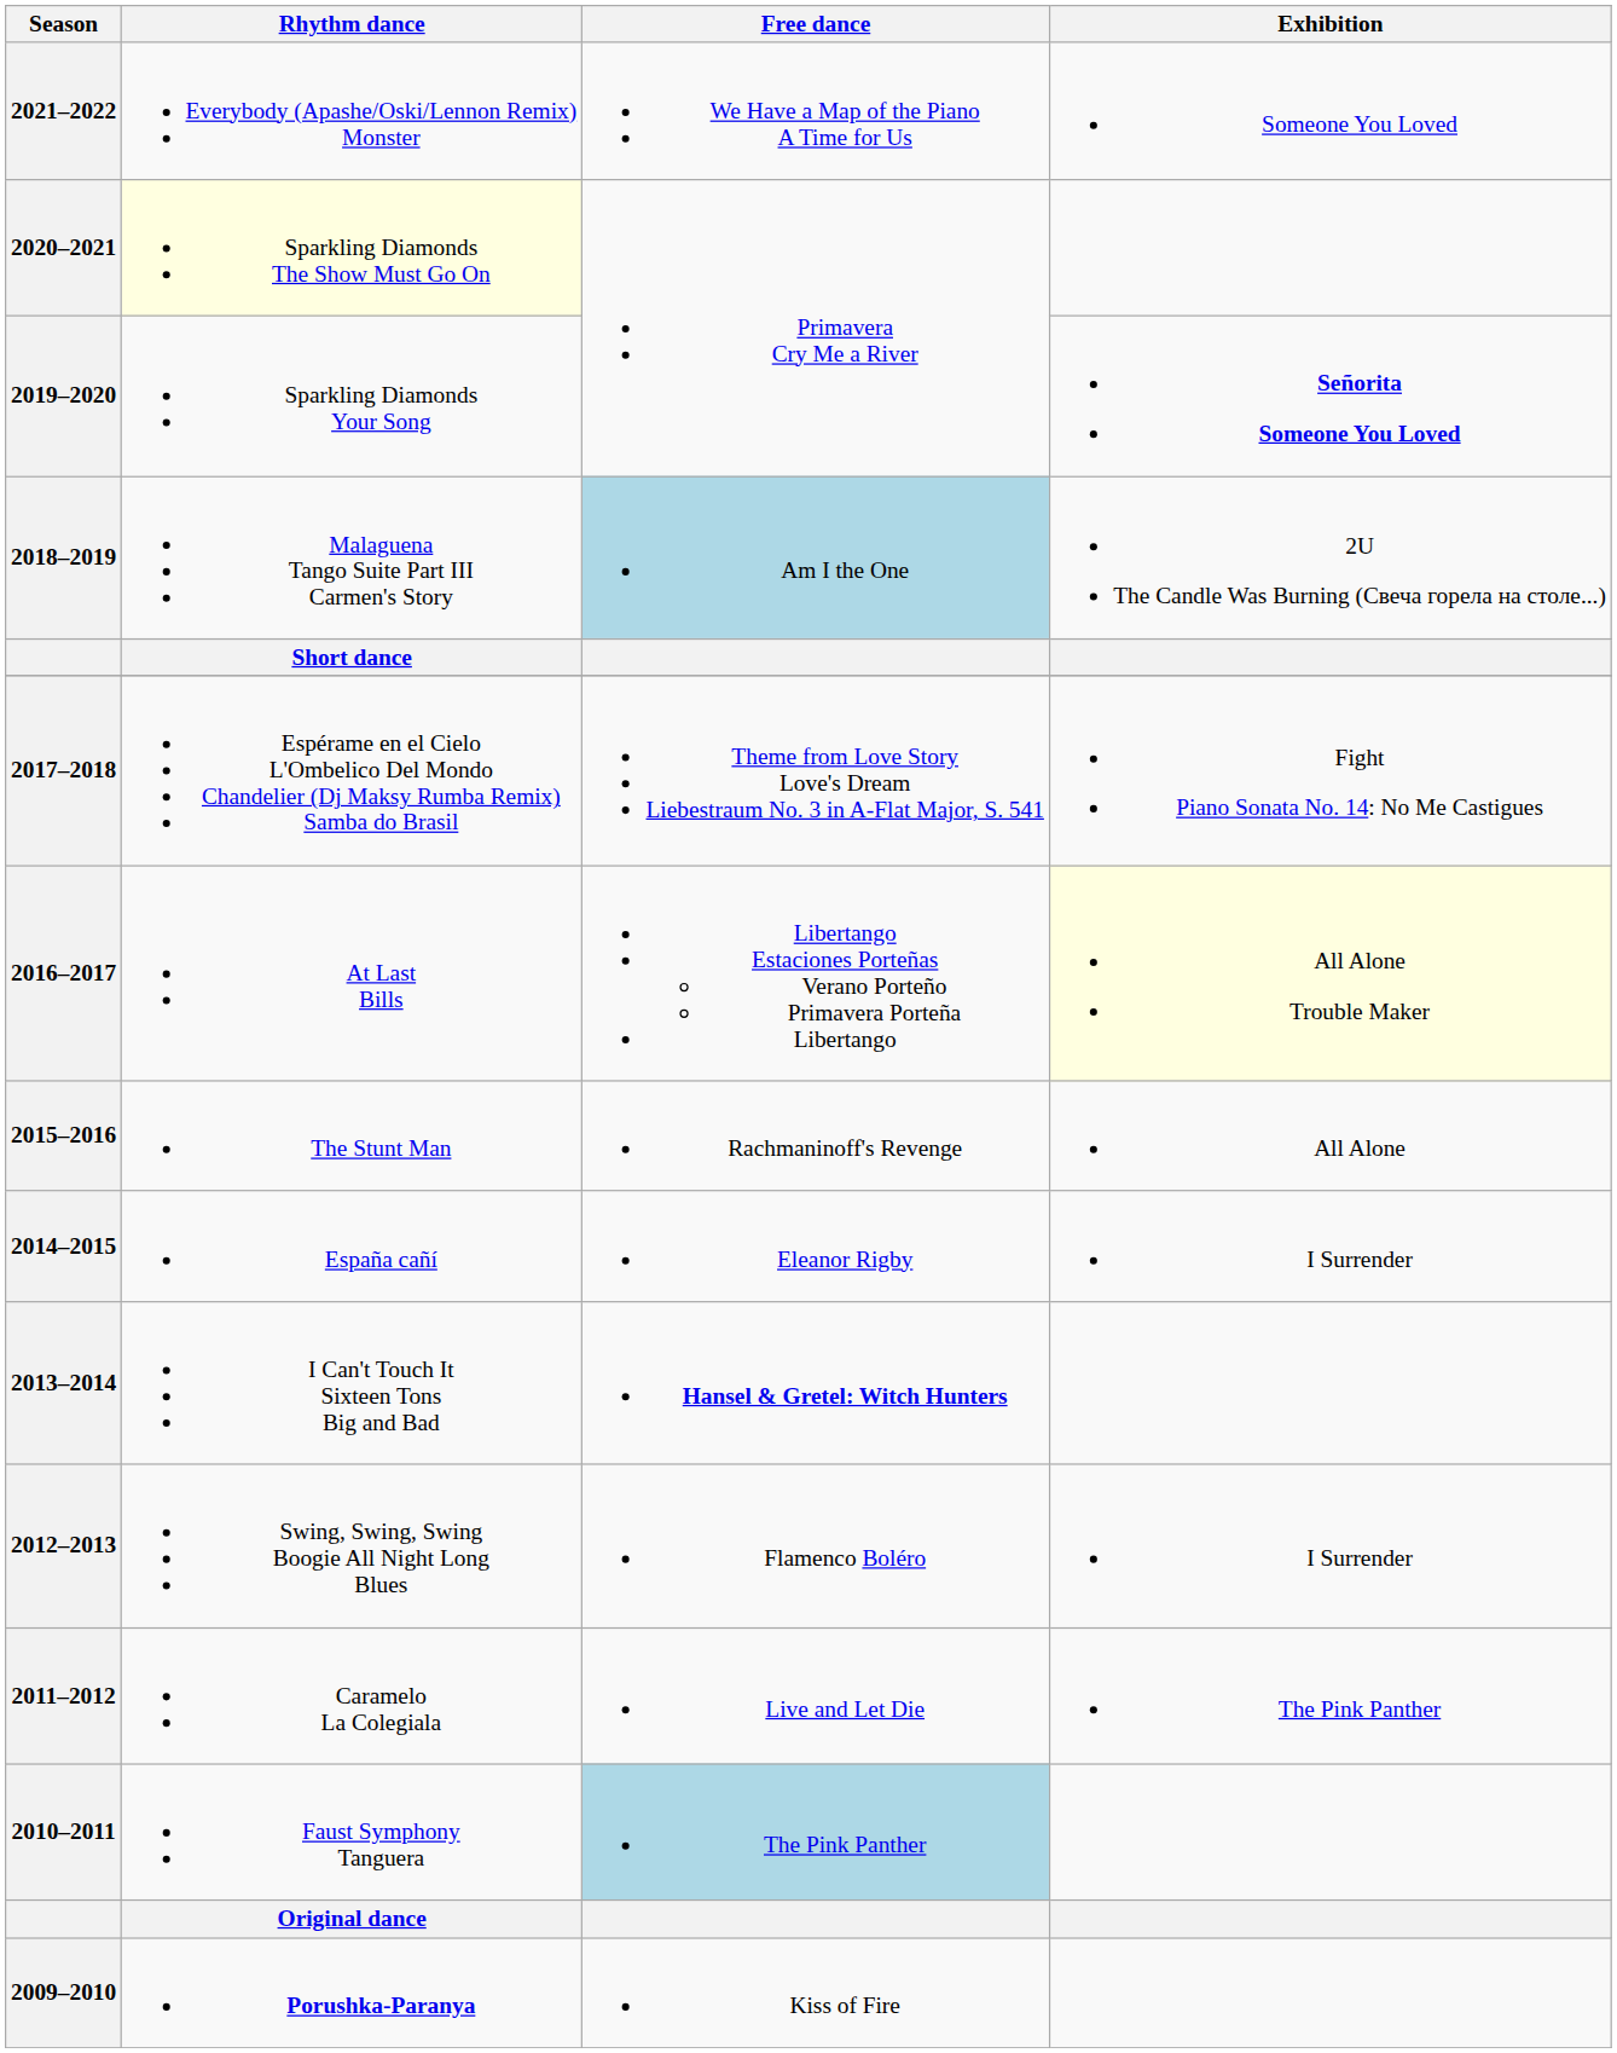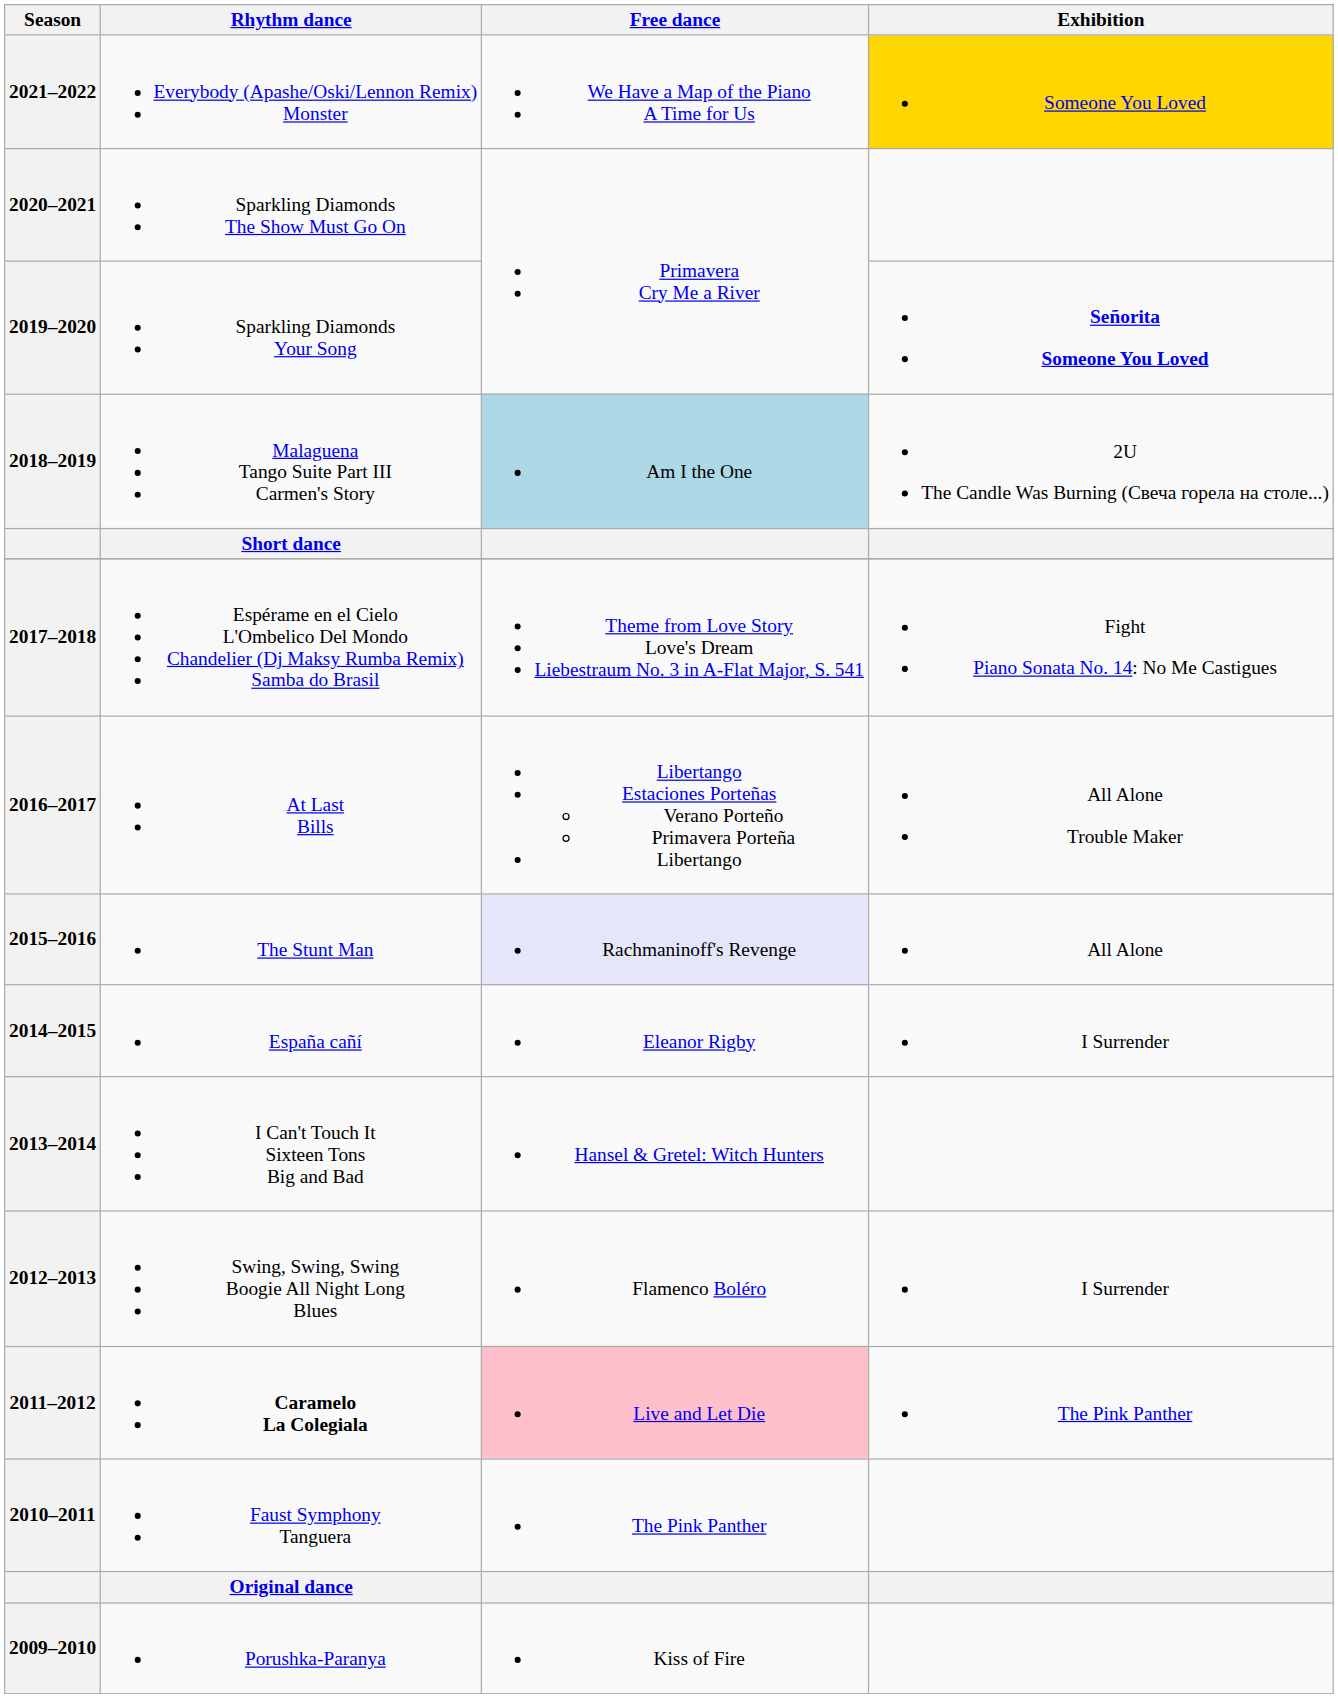 <table class="wikitable" style="text-align:center">
 <tr>
 <th>Season</th>
 <th><a href='#'>Rhythm dance</a></th>
 <th><a href='#'>Free dance</a></th>
 <th>Exhibition</th>
 </tr>
 <tr>
 <th>2021–2022 <br> </th>
 <td><br><ul><li> <a href='#'>Everybody (Apashe/Oski/Lennon Remix)</a> <br></li><li> <a href='#'>Monster</a> <br></li></ul></td>
 <td><br><ul><li><a href='#'>We Have a Map of the Piano</a> <br></li><li><a href='#'>A Time for Us</a> <br> </li></ul></td>
-<td><br><ul><li><a href='#'>Someone You Loved</a> <br></li></ul></td>
+<td style="background: gold;"><br><ul><li><a href='#'>Someone You Loved</a> <br></li></ul></td>
 </tr>
 <tr>
 <th>2020–2021 <br> </th>
-<td style="background: lightyellow;"><br><ul><li> Sparkling Diamonds <br></li><li> <a href='#'>The Show Must Go On</a> <br></li></ul></td>
+<td><br><ul><li> Sparkling Diamonds <br></li><li> <a href='#'>The Show Must Go On</a> <br></li></ul></td>
 <td rowspan=2><br><ul><li><a href='#'>Primavera</a> <br></li><li><a href='#'>Cry Me a River</a> <br> </li></ul></td>
 <td></td>
 </tr>
 <tr>
 <th>2019–2020 <br></th>
 <td><br><ul><li> Sparkling Diamonds <br></li><li> <a href='#'>Your Song</a> <br></li></ul></td>
 <td><strong><br><ul><li><a href='#'>Señorita</a> <br> </li></ul><ul><li><a href='#'>Someone You Loved</a><br></li></ul></strong></td>
 </tr>
 <tr>
 <th>2018–2019 <br></th>
 <td><br><ul><li> <a href='#'>Malaguena</a> <br></li><li> Tango Suite Part III <br></li><li> Carmen's Story <br></li></ul></td>
 <td style="background: lightblue;"><br><ul><li>Am I the One <br></li></ul></td>
 <td><br><ul><li>2U <br></li></ul><ul><li>The Candle Was Burning (Свеча горела на столе...) <br> </li></ul></td>
 </tr>
 <tr>
 <th></th>
 <th><a href='#'>Short dance</a></th>
 <th></th>
 <th></th>
 </tr>
 <tr>
 </tr>
 <tr>
 <th>2017–2018 <br></th>
 <td><br><ul><li> Espérame en el Cielo <br></li><li> L'Ombelico Del Mondo <br></li><li> <a href='#'>Chandelier (Dj Maksy Rumba Remix)</a> <br></li><li> <a href='#'>Samba do Brasil</a> <br></li></ul></td>
 <td><br><ul><li><a href='#'>Theme from Love Story</a></li><li>Love's Dream <br></li><li><a href='#'>Liebestraum No. 3 in A-Flat Major, S. 541</a> <br></li></ul></td>
 <td><br><ul><li>Fight <br></li></ul><ul><li><a href='#'>Piano Sonata No. 14</a>: No Me Castigues</li></ul></td>
 </tr>
 <tr>
 <th>2016–2017 <br></th>
 <td><br><ul><li> <a href='#'>At Last</a></li><li> <a href='#'>Bills</a> <br></li></ul></td>
 <td><br><ul><li><a href='#'>Libertango</a> <br></li><li><a href='#'>Estaciones Porteñas</a> <br><ul><li>Verano Porteño</li><li>Primavera Porteña</li></ul></li><li>Libertango <br></li></ul></td>
-<td style="background: lightyellow;"><br><ul><li>All Alone <br></li></ul><ul><li>Trouble Maker<br></li></ul></td>
+<td><br><ul><li>All Alone <br></li></ul><ul><li>Trouble Maker<br></li></ul></td>
 </tr>
 <tr>
 <th>2015–2016 <br></th>
 <td><br><ul><li><a href='#'>The Stunt Man</a> <br></li></ul></td>
-<td><br><ul><li>Rachmaninoff's Revenge <br></li></ul></td>
+<td style="background: lavender;"><br><ul><li>Rachmaninoff's Revenge <br></li></ul></td>
 <td><br><ul><li>All Alone <br></li></ul></td>
 </tr>
 <tr>
 <th>2014–2015 <br> </th>
 <td><br><ul><li> <a href='#'>España cañí</a> <br></li></ul></td>
 <td><br><ul><li><a href='#'>Eleanor Rigby</a> <br></li></ul></td>
 <td><br><ul><li>I Surrender <br></li></ul></td>
 </tr>
 <tr>
 <th>2013–2014 <br> </th>
 <td><br><ul><li> I Can't Touch It</li><li> Sixteen Tons</li><li> Big and Bad</li></ul></td>
-<td><strong><br><ul><li><a href='#'>Hansel & Gretel: Witch Hunters</a> <br></li></ul></strong></td>
+<td><br><ul><li><a href='#'>Hansel & Gretel: Witch Hunters</a> <br></li></ul></td>
 <td></td>
 </tr>
 <tr>
 <th>2012–2013 <br> </th>
 <td><br><ul><li>Swing, Swing, Swing</li><li>Boogie All Night Long</li><li>Blues</li></ul></td>
 <td><br><ul><li>Flamenco <a href='#'>Boléro</a> <br></li></ul></td>
 <td><br><ul><li>I Surrender <br></li></ul></td>
 </tr>
 <tr>
 <th>2011–2012 <br> </th>
-<td><br><ul><li>Caramelo</li><li>La Colegiala</li></ul></td>
-<td><br><ul><li><a href='#'>Live and Let Die</a> <br></li></ul></td>
+<td><strong><br><ul><li>Caramelo</li><li>La Colegiala</li></ul></strong></td>
+<td style="background: pink;"><br><ul><li><a href='#'>Live and Let Die</a> <br></li></ul></td>
 <td><br><ul><li><a href='#'>The Pink Panther</a> <br></li></ul></td>
 </tr>
 <tr>
 <th>2010–2011 <br> </th>
 <td><br><ul><li> <a href='#'>Faust Symphony</a> <br></li><li> Tanguera <br></li></ul></td>
-<td style="background: lightblue;"><br><ul><li><a href='#'>The Pink Panther</a> <br></li></ul></td>
+<td><br><ul><li><a href='#'>The Pink Panther</a> <br></li></ul></td>
 <td></td>
 </tr>
 <tr>
 <th></th>
 <th><a href='#'>Original dance</a></th>
 <th></th>
 <th></th>
 </tr>
 <tr>
 <th>2009–2010</th>
-<td><strong><br><ul><li><a href='#'>Porushka-Paranya</a> <br></li></ul></strong></td>
+<td><br><ul><li><a href='#'>Porushka-Paranya</a> <br></li></ul></td>
 <td><br><ul><li>Kiss of Fire <br></li></ul></td>
 <td></td>
 </tr>
 </table>
